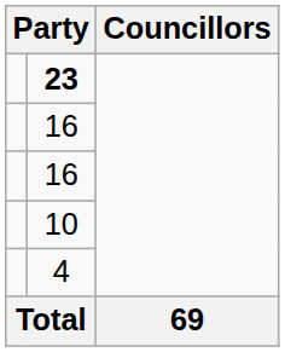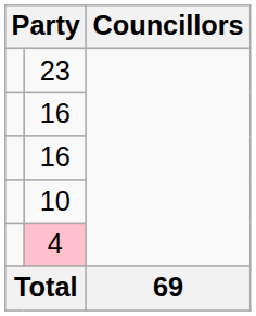 <table class="wikitable">
 <tr>
 <th colspan=2>Party</th>
 <th>Councillors</th>
 </tr>
 <tr>
 <td></td>
-<td align=center><strong>23</strong></td>
+<td align=center>23</td>
 </tr>
 <tr>
 <td></td>
 <td align=center>16</td>
 </tr>
 <tr>
 <td></td>
 <td align=center>16</td>
 </tr>
 <tr>
 <td></td>
 <td align=center>10</td>
 </tr>
 <tr>
 <td></td>
-<td align=center>4</td>
+<td align=center style="background: pink;">4</td>
 </tr>
 <tr>
 <th colspan=2>Total</th>
 <th align=center>69</th>
 </tr>
 </table>
